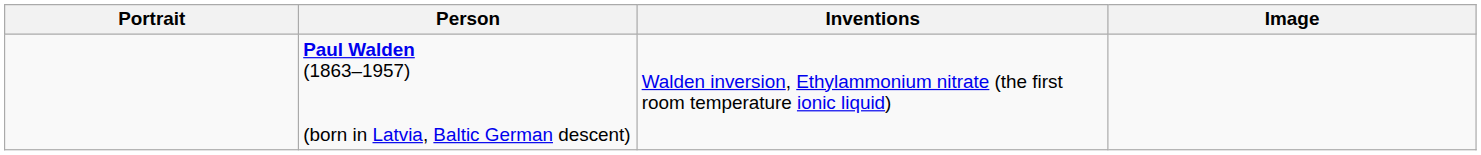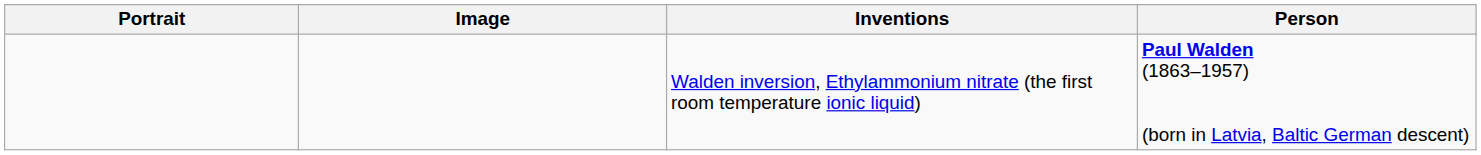 <table class="wikitable">
 <tr style="background:#ccc;">
 <th width=20%>Portrait</th>
+<th width=25%>Image</th>
+<th width=32%>Inventions</th>
 <th width=23%>Person</th>
-<th width=32%>Inventions</th>
-<th width=25%>Image</th>
 </tr>
 <tr>
 <td align=center></td>
+<td align=center></td>
+<td><a href='#'>Walden inversion</a>, <a href='#'>Ethylammonium nitrate</a> (the first room temperature <a href='#'>ionic liquid</a>)</td>
 <td><strong><a href='#'>Paul Walden</a></strong><br>(1863–1957)<br> <br> <br> (born in <a href='#'>Latvia</a>, <a href='#'>Baltic German</a> descent)</td>
-<td><a href='#'>Walden inversion</a>, <a href='#'>Ethylammonium nitrate</a> (the first room temperature <a href='#'>ionic liquid</a>)</td>
-<td align=center></td>
 </tr>
 </table>
